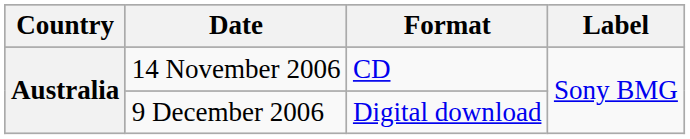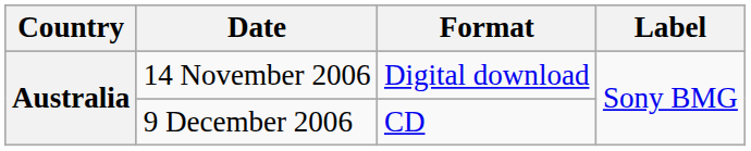 <table class="wikitable plainrowheaders" border="1">
 <tr>
 <th scope="col">Country</th>
 <th scope="col">Date</th>
 <th scope="col">Format</th>
 <th scope="col">Label</th>
 </tr>
 <tr>
 <th scope="row" rowspan=2>Australia</th>
 <td>14 November 2006</td>
-<td><a href='#'>CD</a></td>
+<td><a href='#'>Digital download</a></td>
 <td rowspan=2><a href='#'>Sony BMG</a></td>
 </tr>
 <tr>
 <td>9 December 2006</td>
-<td><a href='#'>Digital download</a></td>
+<td><a href='#'>CD</a></td>
 </tr>
 </table>
